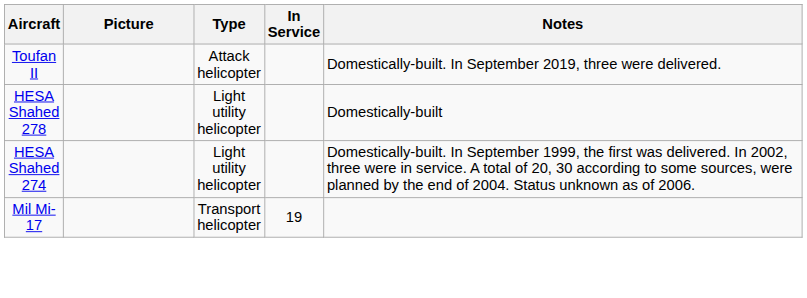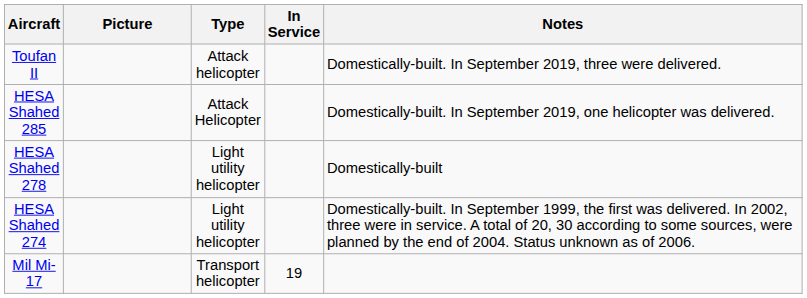 <table class="wikitable" style="text-align:center;">
 <tr>
 <th style="text-align:center">Aircraft</th>
 <th style="text-align:center; width:200px;">Picture</th>
 <th style="text-align:center">Type</th>
 <th style="text-align:center">In Service</th>
 <th style="text-align:center; width:60%;">Notes</th>
 </tr>
 <tr>
 <td><a href='#'>Toufan II</a></td>
 <td></td>
 <td>Attack helicopter</td>
 <td></td>
 <td style="text-align:left">Domestically-built. In September 2019, three were delivered.</td>
+</tr>
+<tr>
+<td><a href='#'>HESA Shahed 285</a></td>
+<td></td>
+<td>Attack Helicopter</td>
+<td></td>
+<td style="text-align:left">Domestically-built. In September 2019, one helicopter was delivered.</td>
 </tr>
 <tr>
 <td><a href='#'>HESA Shahed 278</a></td>
 <td></td>
 <td>Light utility helicopter</td>
 <td></td>
 <td style="text-align:left">Domestically-built</td>
 </tr>
 <tr>
 <td><a href='#'>HESA Shahed 274</a></td>
 <td></td>
 <td>Light utility helicopter</td>
 <td></td>
 <td style="text-align:left">Domestically-built. In September 1999, the first was delivered. In 2002, three were in service. A total of 20, 30 according to some sources, were planned by the end of 2004. Status unknown as of 2006.</td>
 </tr>
 <tr>
 <td><a href='#'>Mil Mi-17</a></td>
 <td></td>
 <td>Transport helicopter</td>
 <td>19</td>
 <td style="text-align:left"></td>
 </tr>
 </table>
